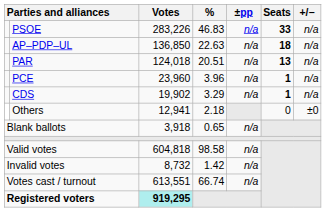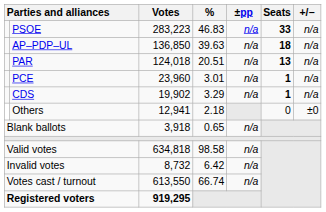 <table class="wikitable" style="text-align:right;">
 <tr>
 <th style="text-align:left;" colspan="2" width="200">Parties and alliances</th>
 <th width="75">Votes</th>
 <th width="45">%</th>
 <th width="45">±<a href='#'>pp</a></th>
 <th width="35">Seats</th>
 <th width="35">+/−</th>
 </tr>
 <tr>
 <td width="1" style="color:inherit;background:"></td>
 <td align="left"><a href='#'>PSOE</a></td>
-<td>283,226</td>
+<td>283,223</td>
 <td>46.83</td>
 <td><em><a href='#'>n/a</a></em></td>
 <td><strong>33</strong></td>
 <td><em>n/a</em></td>
 </tr>
 <tr>
 <td style="color:inherit;background:"></td>
 <td align="left"><a href='#'>AP–PDP–UL</a></td>
 <td>136,850</td>
-<td>22.63</td>
+<td>39.63</td>
 <td><em>n/a</em></td>
 <td><strong>18</strong></td>
 <td><em>n/a</em></td>
 </tr>
 <tr>
 <td style="color:inherit;background:"></td>
 <td align="left"><a href='#'>PAR</a></td>
 <td>124,018</td>
 <td>20.51</td>
 <td><em>n/a</em></td>
 <td><strong>13</strong></td>
 <td><em>n/a</em></td>
 </tr>
 <tr>
 <td style="color:inherit;background:"></td>
 <td align="left"><a href='#'>PCE</a></td>
 <td>23,960</td>
-<td>3.96</td>
+<td>3.01</td>
 <td><em>n/a</em></td>
 <td><strong>1</strong></td>
 <td><em>n/a</em></td>
 </tr>
 <tr>
 <td style="color:inherit;background:"></td>
 <td align="left"><a href='#'>CDS</a></td>
 <td>19,902</td>
 <td>3.29</td>
 <td><em>n/a</em></td>
 <td><strong>1</strong></td>
 <td><em>n/a</em></td>
 </tr>
 <tr>
 <td bgcolor="white"></td>
 <td align="left">Others</td>
 <td>12,941</td>
 <td>2.18</td>
 <td bgcolor="#E9E9E9"></td>
 <td>0</td>
 <td>±0</td>
 </tr>
 <tr>
 <td align="left" colspan="2">Blank ballots</td>
 <td>3,918</td>
 <td>0.65</td>
 <td><em>n/a</em></td>
 <td bgcolor="#E9E9E9" colspan="2"></td>
 </tr>
 <tr>
 <td colspan="7" bgcolor="#E9E9E9"></td>
 </tr>
 <tr>
 <td align="left" colspan="2">Valid votes</td>
-<td>604,818</td>
+<td>634,818</td>
 <td>98.58</td>
 <td><em>n/a</em></td>
 <td bgcolor="#E9E9E9" colspan="2" rowspan="4"></td>
 </tr>
 <tr>
 <td align="left" colspan="2">Invalid votes</td>
 <td>8,732</td>
-<td>1.42</td>
+<td>6.42</td>
 <td><em>n/a</em></td>
 </tr>
 <tr>
 <td align="left" colspan="2">Votes cast / turnout</td>
-<td>613,551</td>
+<td>613,550</td>
 <td>66.74</td>
 <td><em>n/a</em></td>
 </tr>
 <tr style="font-weight:bold;">
 <td align="left" colspan="2">Registered voters</td>
-<td style="background: paleturquoise;">919,295</td>
+<td>919,295</td>
 <td bgcolor="#E9E9E9" colspan="2"></td>
 </tr>
 </table>
